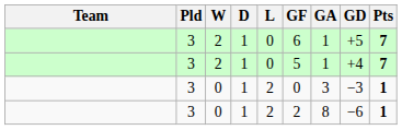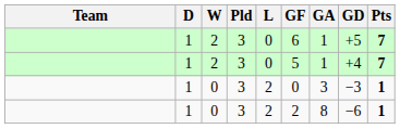 <table class="wikitable" style="text-align: center;">
 <tr>
 <th width=175>Team</th>
+<th width=20>D</th>
+<th width=20>W</th>
 <th width=20>Pld</th>
-<th width=20>W</th>
-<th width=20>D</th>
 <th width=20>L</th>
 <th width=20>GF</th>
 <th width=20>GA</th>
 <th width=20>GD</th>
 <th width=20>Pts</th>
 </tr>
 <tr bgcolor=ccffcc>
 <td style="text-align:left;"></td>
+<td>1</td>
+<td>2</td>
 <td>3</td>
-<td>2</td>
-<td>1</td>
 <td>0</td>
 <td>6</td>
 <td>1</td>
 <td>+5</td>
 <td><strong>7</strong></td>
 </tr>
 <tr bgcolor=ccffcc>
 <td style="text-align:left;"></td>
+<td>1</td>
+<td>2</td>
 <td>3</td>
-<td>2</td>
-<td>1</td>
 <td>0</td>
 <td>5</td>
 <td>1</td>
 <td>+4</td>
 <td><strong>7</strong></td>
 </tr>
 <tr>
 <td style="text-align:left;"></td>
+<td>1</td>
+<td>0</td>
 <td>3</td>
-<td>0</td>
-<td>1</td>
 <td>2</td>
 <td>0</td>
 <td>3</td>
 <td>−3</td>
 <td><strong>1</strong></td>
 </tr>
 <tr>
 <td style="text-align:left;"></td>
+<td>1</td>
+<td>0</td>
 <td>3</td>
-<td>0</td>
-<td>1</td>
 <td>2</td>
 <td>2</td>
 <td>8</td>
 <td>−6</td>
 <td><strong>1</strong></td>
 </tr>
 </table>
